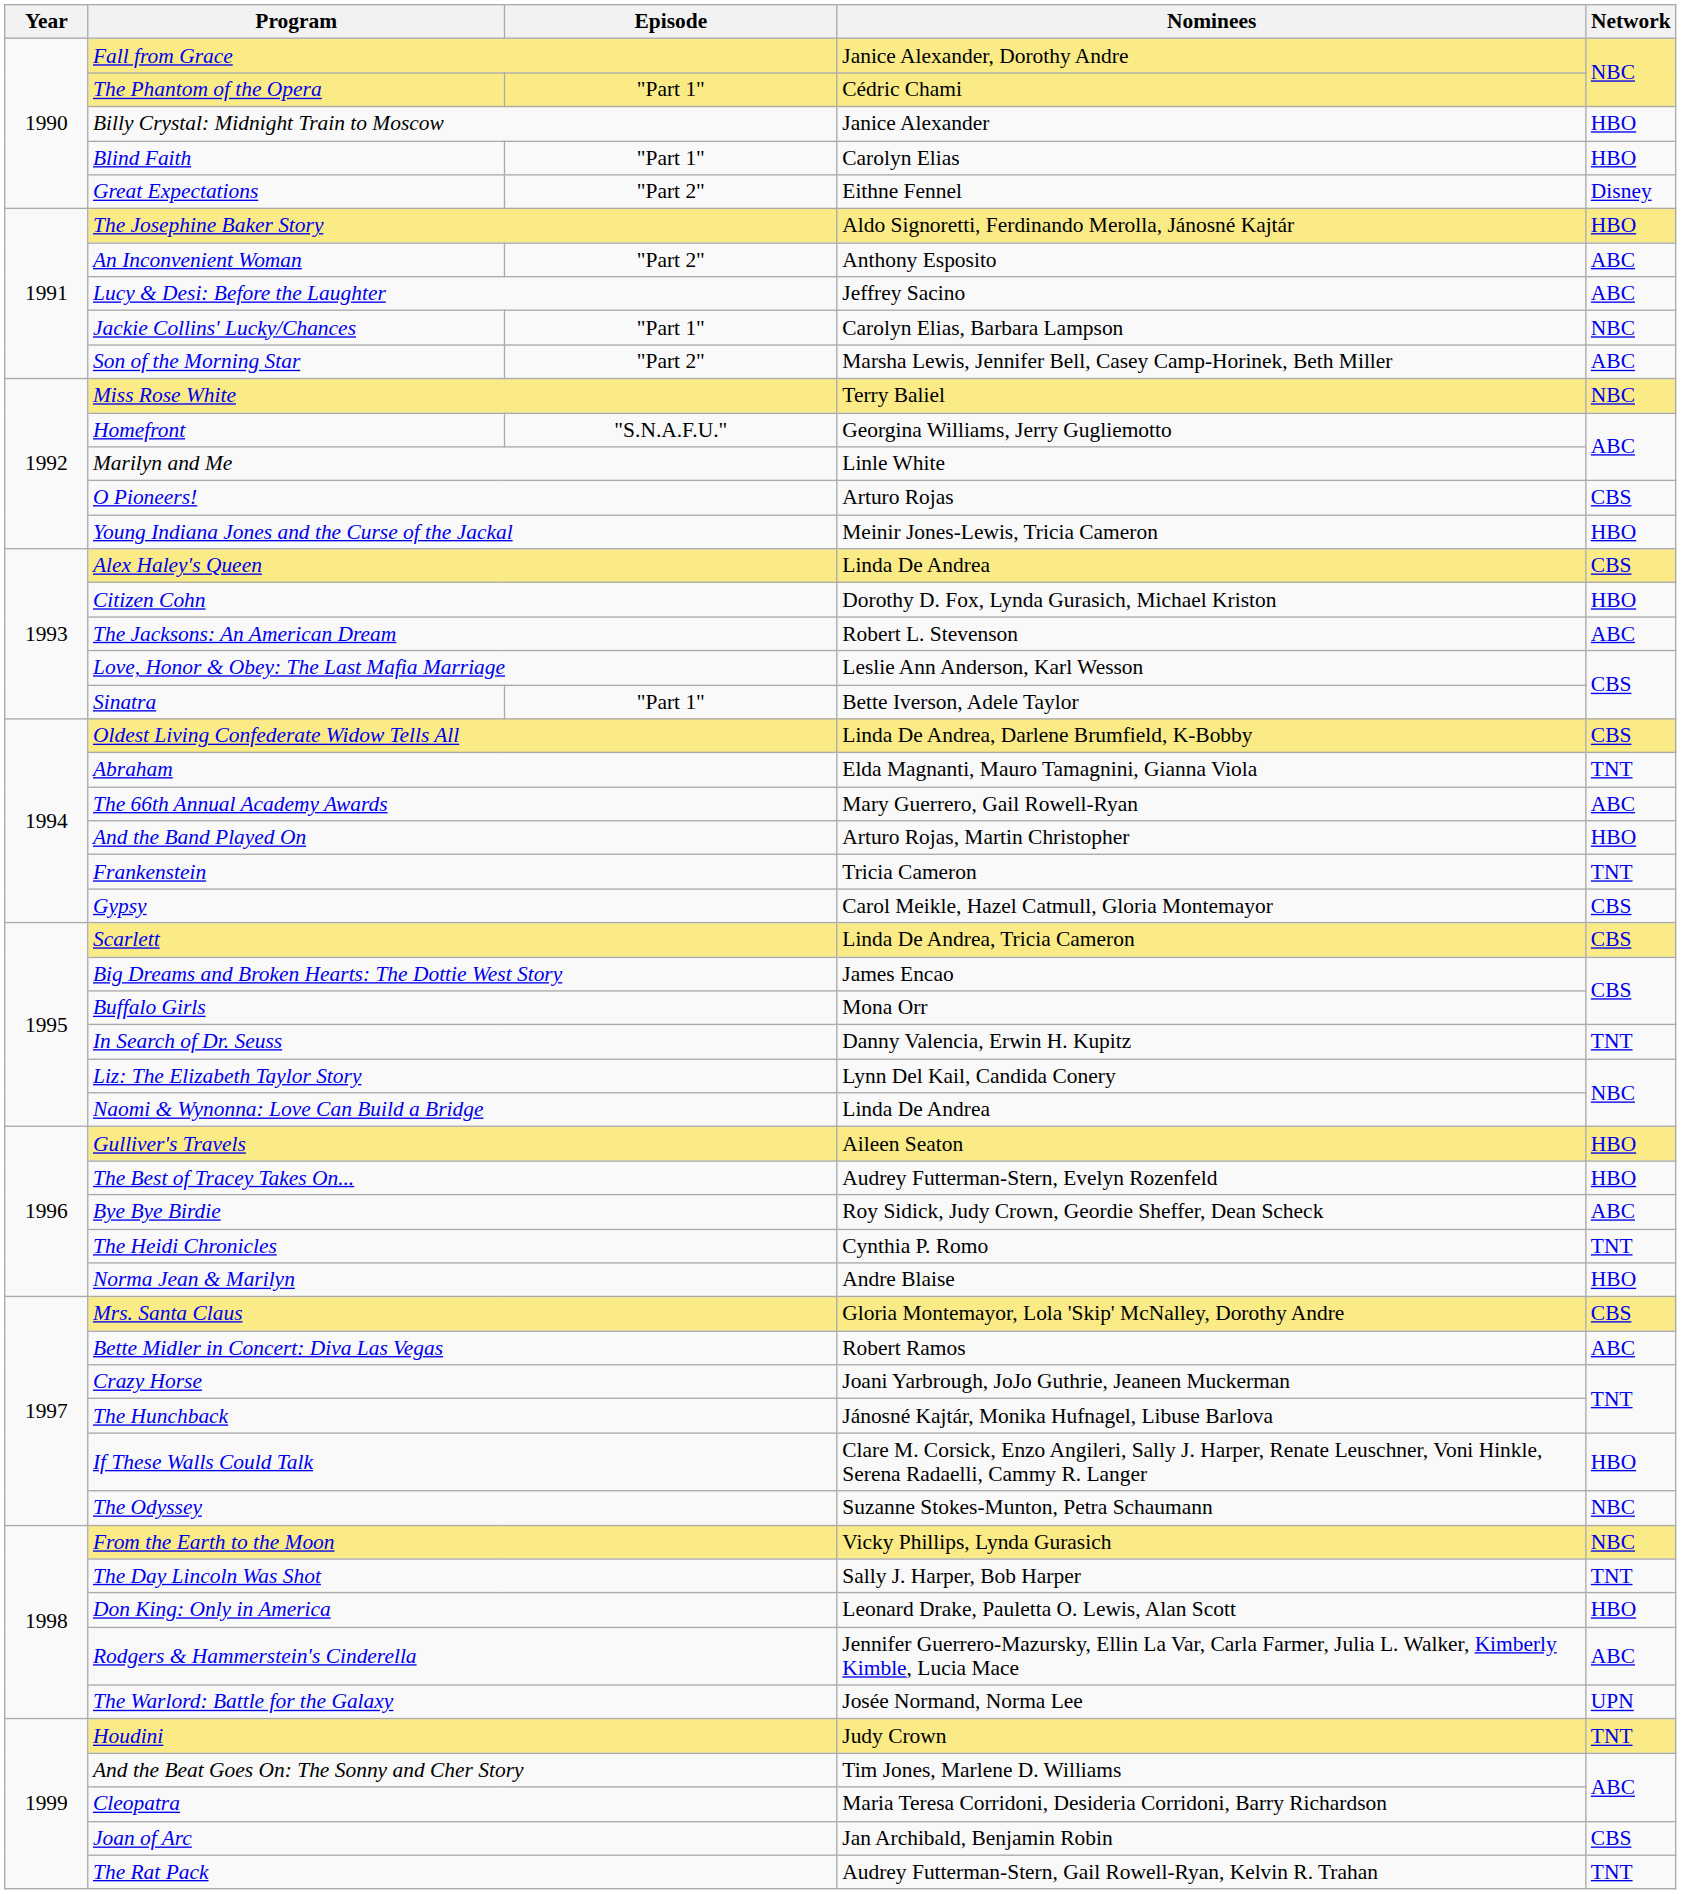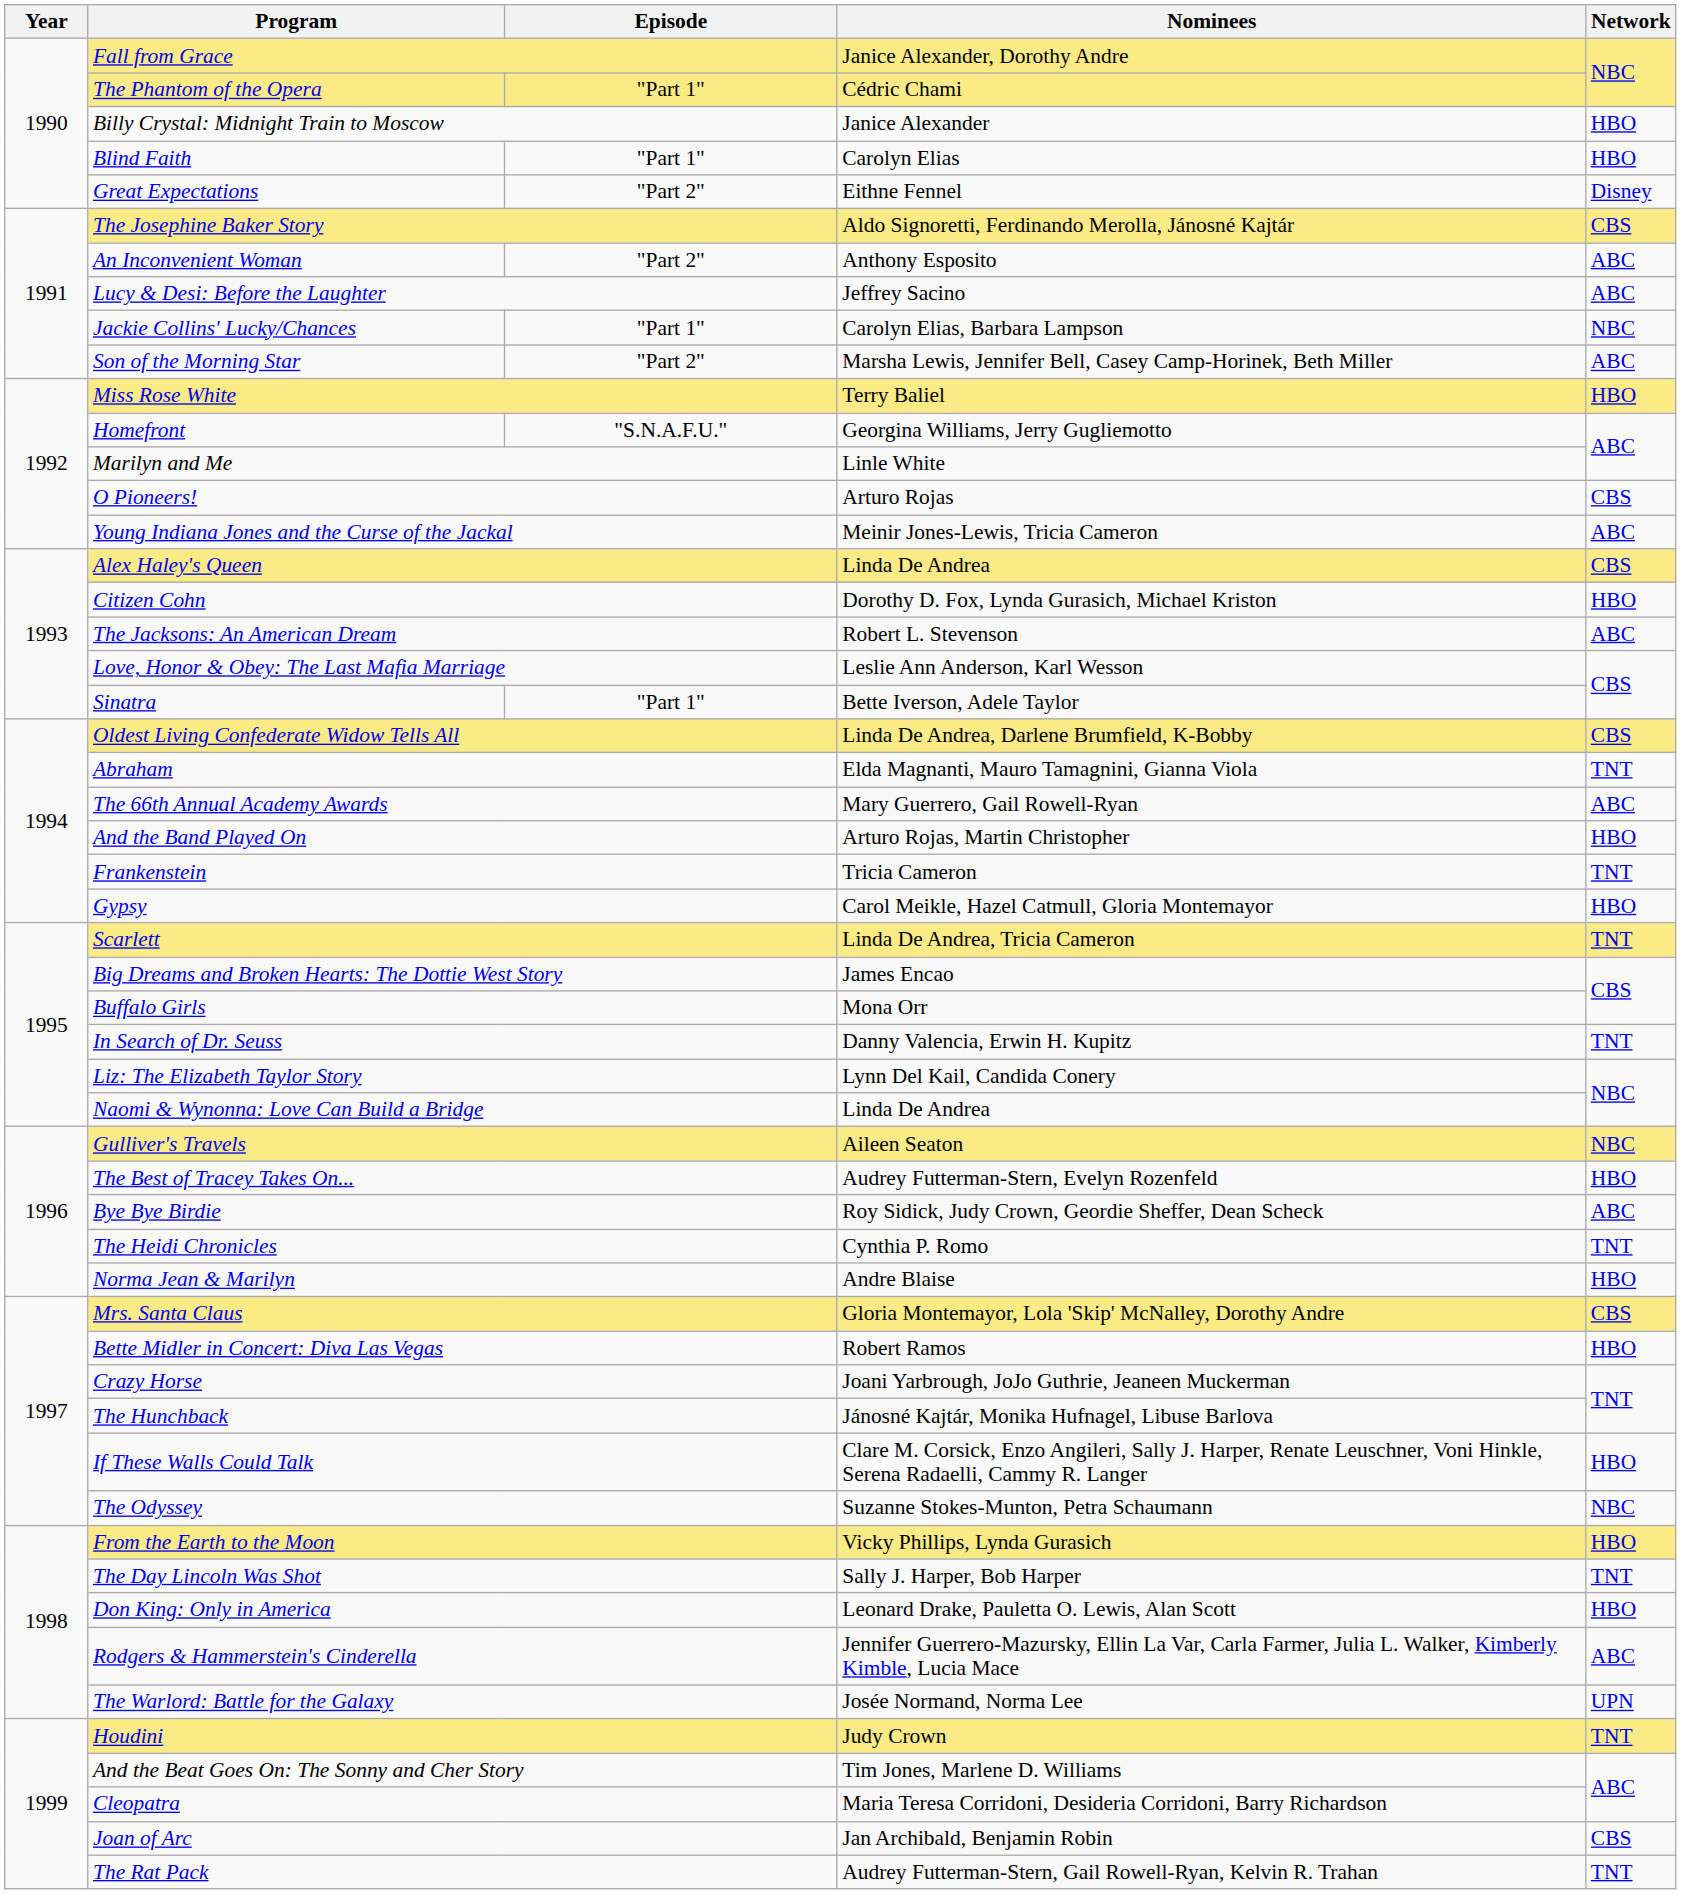 <table class="wikitable">
 <tr>
 <th width="5%">Year</th>
 <th width="25%">Program</th>
 <th width="20%">Episode</th>
 <th width="45%">Nominees</th>
 <th width="5%">Network</th>
 </tr>
 <tr>
 <td rowspan="5" style="text-align:center;">1990<br></td>
 <td style="background:#FAEB86;" colspan=2><em><a href='#'>Fall from Grace</a></em></td>
 <td style="background:#FAEB86;">Janice Alexander, Dorothy Andre</td>
 <td style="background:#FAEB86;" rowspan=2><a href='#'>NBC</a></td>
 </tr>
 <tr>
 <td style="background:#FAEB86;"><em><a href='#'>The Phantom of the Opera</a></em></td>
 <td style="background:#FAEB86;" align=center>"Part 1"</td>
 <td style="background:#FAEB86;">Cédric Chami</td>
 </tr>
 <tr>
 <td colspan=2><em>Billy Crystal: Midnight Train to Moscow</em></td>
 <td>Janice Alexander</td>
 <td><a href='#'>HBO</a></td>
 </tr>
 <tr>
 <td><em><a href='#'>Blind Faith</a></em></td>
 <td align=center>"Part 1"</td>
 <td>Carolyn Elias</td>
 <td><a href='#'>HBO</a></td>
 </tr>
 <tr>
 <td><em><a href='#'>Great Expectations</a></em></td>
 <td align=center>"Part 2"</td>
 <td>Eithne Fennel</td>
 <td><a href='#'>Disney</a></td>
 </tr>
 <tr>
 <td rowspan="5" style="text-align:center;">1991<br></td>
 <td style="background:#FAEB86;" colspan=2><em><a href='#'>The Josephine Baker Story</a></em></td>
 <td style="background:#FAEB86;">Aldo Signoretti, Ferdinando Merolla, Jánosné Kajtár</td>
-<td style="background:#FAEB86;"><a href='#'>HBO</a></td>
+<td style="background:#FAEB86;"><a href='#'>CBS</a></td>
 </tr>
 <tr>
 <td><em><a href='#'>An Inconvenient Woman</a></em></td>
 <td align=center>"Part 2"</td>
 <td>Anthony Esposito</td>
 <td><a href='#'>ABC</a></td>
 </tr>
 <tr>
 <td colspan=2><em><a href='#'>Lucy & Desi: Before the Laughter</a></em></td>
 <td>Jeffrey Sacino</td>
 <td><a href='#'>ABC</a></td>
 </tr>
 <tr>
 <td><em><a href='#'>Jackie Collins' Lucky/Chances</a></em></td>
 <td align=center>"Part 1"</td>
 <td>Carolyn Elias, Barbara Lampson</td>
 <td><a href='#'>NBC</a></td>
 </tr>
 <tr>
 <td><em><a href='#'>Son of the Morning Star</a></em></td>
 <td align=center>"Part 2"</td>
 <td>Marsha Lewis, Jennifer Bell, Casey Camp-Horinek, Beth Miller</td>
 <td><a href='#'>ABC</a></td>
 </tr>
 <tr>
 <td rowspan="5" style="text-align:center;">1992<br></td>
 <td style="background:#FAEB86;" colspan=2><em><a href='#'>Miss Rose White</a></em></td>
 <td style="background:#FAEB86;">Terry Baliel</td>
-<td style="background:#FAEB86;"><a href='#'>NBC</a></td>
+<td style="background:#FAEB86;"><a href='#'>HBO</a></td>
 </tr>
 <tr>
 <td><em><a href='#'>Homefront</a></em></td>
 <td align=center>"S.N.A.F.U."</td>
 <td>Georgina Williams, Jerry Gugliemotto</td>
 <td rowspan=2><a href='#'>ABC</a></td>
 </tr>
 <tr>
 <td colspan=2><em>Marilyn and Me</em></td>
 <td>Linle White</td>
 </tr>
 <tr>
 <td colspan=2><em><a href='#'>O Pioneers!</a></em></td>
 <td>Arturo Rojas</td>
 <td><a href='#'>CBS</a></td>
 </tr>
 <tr>
 <td colspan=2><em><a href='#'>Young Indiana Jones and the Curse of the Jackal</a></em></td>
 <td>Meinir Jones-Lewis, Tricia Cameron</td>
-<td><a href='#'>HBO</a></td>
+<td><a href='#'>ABC</a></td>
 </tr>
 <tr>
 <td rowspan="5" style="text-align:center;">1993<br></td>
 <td style="background:#FAEB86;" colspan=2><em><a href='#'>Alex Haley's Queen</a></em></td>
 <td style="background:#FAEB86;">Linda De Andrea</td>
 <td style="background:#FAEB86;"><a href='#'>CBS</a></td>
 </tr>
 <tr>
 <td colspan=2><em><a href='#'>Citizen Cohn</a></em></td>
 <td>Dorothy D. Fox, Lynda Gurasich, Michael Kriston</td>
 <td><a href='#'>HBO</a></td>
 </tr>
 <tr>
 <td colspan=2><em><a href='#'>The Jacksons: An American Dream</a></em></td>
 <td>Robert L. Stevenson</td>
 <td><a href='#'>ABC</a></td>
 </tr>
 <tr>
 <td colspan=2><em><a href='#'>Love, Honor & Obey: The Last Mafia Marriage</a></em></td>
 <td>Leslie Ann Anderson, Karl Wesson</td>
 <td rowspan=2><a href='#'>CBS</a></td>
 </tr>
 <tr>
 <td><em><a href='#'>Sinatra</a></em></td>
 <td align=center>"Part 1"</td>
 <td>Bette Iverson, Adele Taylor</td>
 </tr>
 <tr>
 <td rowspan="6" style="text-align:center;">1994<br></td>
 <td style="background:#FAEB86;" colspan=2><em><a href='#'>Oldest Living Confederate Widow Tells All</a></em></td>
 <td style="background:#FAEB86;">Linda De Andrea, Darlene Brumfield, K-Bobby</td>
 <td style="background:#FAEB86;"><a href='#'>CBS</a></td>
 </tr>
 <tr>
 <td colspan=2><em><a href='#'>Abraham</a></em></td>
 <td>Elda Magnanti, Mauro Tamagnini, Gianna Viola</td>
 <td><a href='#'>TNT</a></td>
 </tr>
 <tr>
 <td colspan=2><em><a href='#'>The 66th Annual Academy Awards</a></em></td>
 <td>Mary Guerrero, Gail Rowell-Ryan</td>
 <td><a href='#'>ABC</a></td>
 </tr>
 <tr>
 <td colspan=2><em><a href='#'>And the Band Played On</a></em></td>
 <td>Arturo Rojas, Martin Christopher</td>
 <td><a href='#'>HBO</a></td>
 </tr>
 <tr>
 <td colspan=2><em><a href='#'>Frankenstein</a></em></td>
 <td>Tricia Cameron</td>
 <td><a href='#'>TNT</a></td>
 </tr>
 <tr>
 <td colspan=2><em><a href='#'>Gypsy</a></em></td>
 <td>Carol Meikle, Hazel Catmull, Gloria Montemayor</td>
-<td><a href='#'>CBS</a></td>
+<td><a href='#'>HBO</a></td>
 </tr>
 <tr>
 <td rowspan="6" style="text-align:center;">1995<br></td>
 <td style="background:#FAEB86;" colspan=2><em><a href='#'>Scarlett</a></em></td>
 <td style="background:#FAEB86;">Linda De Andrea, Tricia Cameron</td>
-<td style="background:#FAEB86;"><a href='#'>CBS</a></td>
+<td style="background:#FAEB86;"><a href='#'>TNT</a></td>
 </tr>
 <tr>
 <td colspan=2><em><a href='#'>Big Dreams and Broken Hearts: The Dottie West Story</a></em></td>
 <td>James Encao</td>
 <td rowspan=2><a href='#'>CBS</a></td>
 </tr>
 <tr>
 <td colspan=2><em><a href='#'>Buffalo Girls</a></em></td>
 <td>Mona Orr</td>
 </tr>
 <tr>
 <td colspan=2><em><a href='#'>In Search of Dr. Seuss</a></em></td>
 <td>Danny Valencia, Erwin H. Kupitz</td>
 <td><a href='#'>TNT</a></td>
 </tr>
 <tr>
 <td colspan=2><em><a href='#'>Liz: The Elizabeth Taylor Story</a></em></td>
 <td>Lynn Del Kail, Candida Conery</td>
 <td rowspan=2><a href='#'>NBC</a></td>
 </tr>
 <tr>
 <td colspan=2><em><a href='#'>Naomi & Wynonna: Love Can Build a Bridge</a></em></td>
 <td>Linda De Andrea</td>
 </tr>
 <tr>
 <td rowspan="5" style="text-align:center;">1996<br></td>
 <td style="background:#FAEB86;" colspan=2><em><a href='#'>Gulliver's Travels</a></em></td>
 <td style="background:#FAEB86;">Aileen Seaton</td>
-<td style="background:#FAEB86;"><a href='#'>HBO</a></td>
+<td style="background:#FAEB86;"><a href='#'>NBC</a></td>
 </tr>
 <tr>
 <td colspan=2><em><a href='#'>The Best of Tracey Takes On...</a></em></td>
 <td>Audrey Futterman-Stern, Evelyn Rozenfeld</td>
 <td><a href='#'>HBO</a></td>
 </tr>
 <tr>
 <td colspan=2><em><a href='#'>Bye Bye Birdie</a></em></td>
 <td>Roy Sidick, Judy Crown, Geordie Sheffer, Dean Scheck</td>
 <td><a href='#'>ABC</a></td>
 </tr>
 <tr>
 <td colspan=2><em><a href='#'>The Heidi Chronicles</a></em></td>
 <td>Cynthia P. Romo</td>
 <td><a href='#'>TNT</a></td>
 </tr>
 <tr>
 <td colspan=2><em><a href='#'>Norma Jean & Marilyn</a></em></td>
 <td>Andre Blaise</td>
 <td><a href='#'>HBO</a></td>
 </tr>
 <tr>
 <td rowspan="6" style="text-align:center;">1997<br></td>
 <td style="background:#FAEB86;" colspan=2><em><a href='#'>Mrs. Santa Claus</a></em></td>
 <td style="background:#FAEB86;">Gloria Montemayor, Lola 'Skip' McNalley, Dorothy Andre</td>
 <td style="background:#FAEB86;"><a href='#'>CBS</a></td>
 </tr>
 <tr>
 <td colspan=2><em><a href='#'>Bette Midler in Concert: Diva Las Vegas</a></em></td>
 <td>Robert Ramos</td>
-<td><a href='#'>ABC</a></td>
+<td><a href='#'>HBO</a></td>
 </tr>
 <tr>
 <td colspan=2><em><a href='#'>Crazy Horse</a></em></td>
 <td>Joani Yarbrough, JoJo Guthrie, Jeaneen Muckerman</td>
 <td rowspan=2><a href='#'>TNT</a></td>
 </tr>
 <tr>
 <td colspan=2><em><a href='#'>The Hunchback</a></em></td>
 <td>Jánosné Kajtár, Monika Hufnagel, Libuse Barlova</td>
 </tr>
 <tr>
 <td colspan=2><em><a href='#'>If These Walls Could Talk</a></em></td>
 <td>Clare M. Corsick, Enzo Angileri, Sally J. Harper, Renate Leuschner, Voni Hinkle, Serena Radaelli, Cammy R. Langer</td>
 <td><a href='#'>HBO</a></td>
 </tr>
 <tr>
 <td colspan=2><em><a href='#'>The Odyssey</a></em></td>
 <td>Suzanne Stokes-Munton, Petra Schaumann</td>
 <td><a href='#'>NBC</a></td>
 </tr>
 <tr>
 <td rowspan="5" style="text-align:center;">1998<br></td>
 <td style="background:#FAEB86;" colspan=2><em><a href='#'>From the Earth to the Moon</a></em></td>
 <td style="background:#FAEB86;">Vicky Phillips, Lynda Gurasich</td>
-<td style="background:#FAEB86;"><a href='#'>NBC</a></td>
+<td style="background:#FAEB86;"><a href='#'>HBO</a></td>
 </tr>
 <tr>
 <td colspan=2><em><a href='#'>The Day Lincoln Was Shot</a></em></td>
 <td>Sally J. Harper, Bob Harper</td>
 <td><a href='#'>TNT</a></td>
 </tr>
 <tr>
 <td colspan=2><em><a href='#'>Don King: Only in America</a></em></td>
 <td>Leonard Drake, Pauletta O. Lewis, Alan Scott</td>
 <td><a href='#'>HBO</a></td>
 </tr>
 <tr>
 <td colspan=2><em><a href='#'>Rodgers & Hammerstein's Cinderella</a></em></td>
 <td>Jennifer Guerrero-Mazursky, Ellin La Var, Carla Farmer, Julia L. Walker, <a href='#'>Kimberly Kimble</a>, Lucia Mace</td>
 <td><a href='#'>ABC</a></td>
 </tr>
 <tr>
 <td colspan=2><em><a href='#'>The Warlord: Battle for the Galaxy</a></em></td>
 <td>Josée Normand, Norma Lee</td>
 <td><a href='#'>UPN</a></td>
 </tr>
 <tr>
 <td rowspan="5" style="text-align:center;">1999<br></td>
 <td style="background:#FAEB86;" colspan=2><em><a href='#'>Houdini</a></em></td>
 <td style="background:#FAEB86;">Judy Crown</td>
 <td style="background:#FAEB86;"><a href='#'>TNT</a></td>
 </tr>
 <tr>
 <td colspan=2><em>And the Beat Goes On: The Sonny and Cher Story</em></td>
 <td>Tim Jones, Marlene D. Williams</td>
 <td rowspan=2><a href='#'>ABC</a></td>
 </tr>
 <tr>
 <td colspan=2><em><a href='#'>Cleopatra</a></em></td>
 <td>Maria Teresa Corridoni, Desideria Corridoni, Barry Richardson</td>
 </tr>
 <tr>
 <td colspan=2><em><a href='#'>Joan of Arc</a></em></td>
 <td>Jan Archibald, Benjamin Robin</td>
 <td><a href='#'>CBS</a></td>
 </tr>
 <tr>
 <td colspan=2><em><a href='#'>The Rat Pack</a></em></td>
 <td>Audrey Futterman-Stern, Gail Rowell-Ryan, Kelvin R. Trahan</td>
 <td><a href='#'>TNT</a></td>
 </tr>
 </table>
